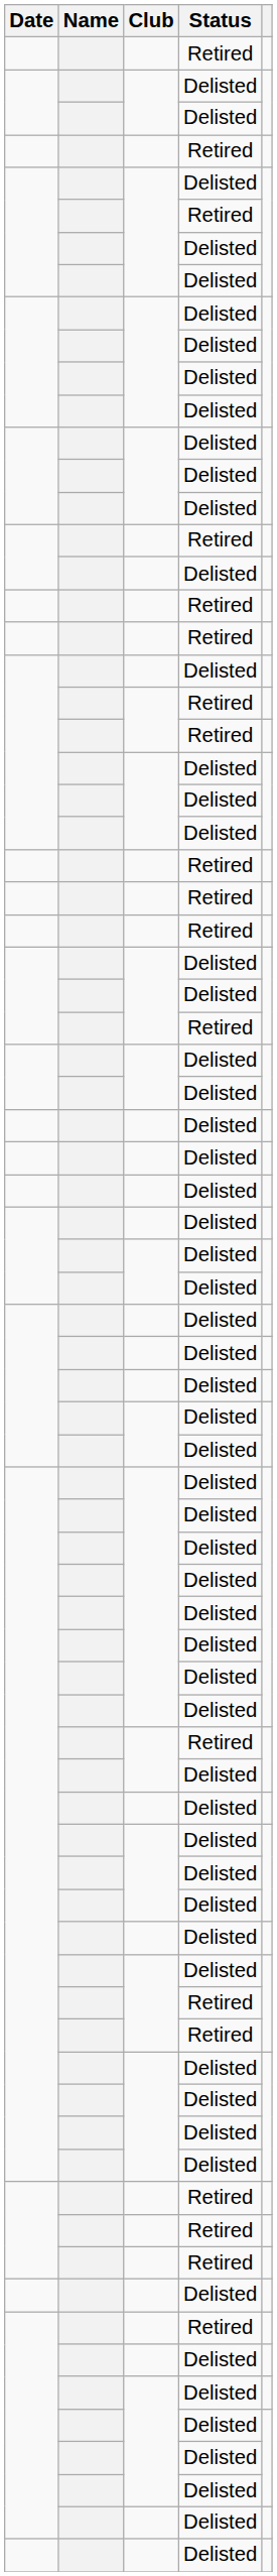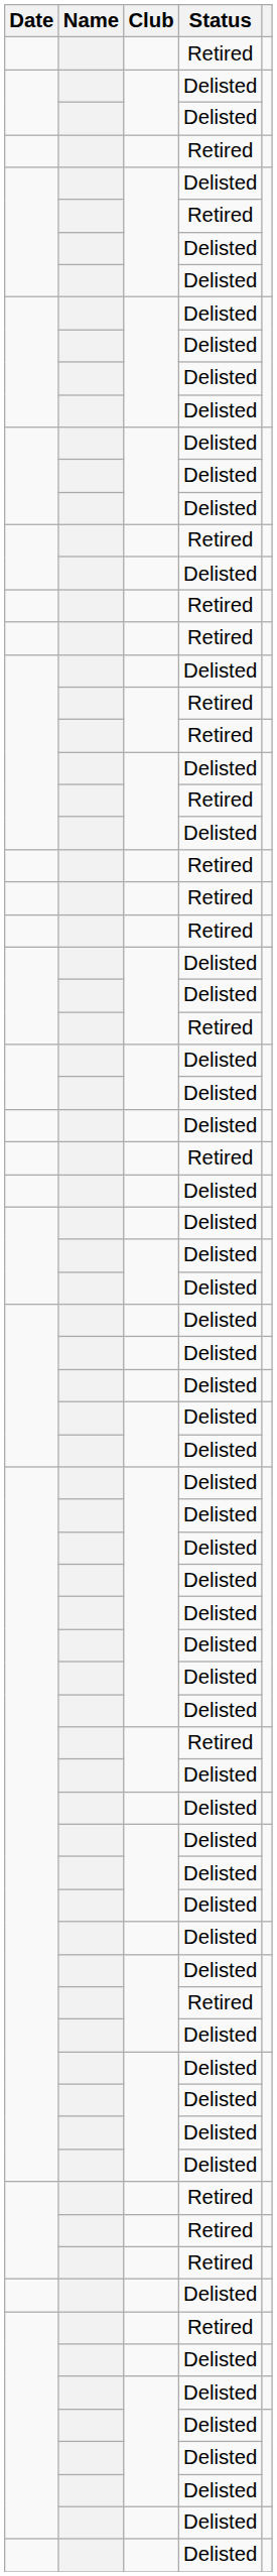 <table class="wikitable sortable plainrowheaders" style="text-align:center;">
 <tr>
 <th scope="col">Date</th>
 <th scope="col">Name</th>
 <th scope="col">Club</th>
 <th scope="col">Status</th>
 <th class="unsortable"></th>
 </tr>
 <tr>
 <td></td>
 <th scope="row"></th>
 <td></td>
 <td>Retired</td>
 <td></td>
 </tr>
 <tr>
 <td rowspan=2></td>
 <th scope="row"></th>
 <td rowspan=2></td>
 <td>Delisted</td>
 <td rowspan=2></td>
 </tr>
 <tr>
 <th scope="row"></th>
 <td>Delisted</td>
 </tr>
 <tr>
 <td></td>
 <th scope="row"></th>
 <td></td>
 <td>Retired</td>
 <td></td>
 </tr>
 <tr>
 <td rowspan=4></td>
 <th scope="row"></th>
 <td rowspan=4></td>
 <td>Delisted</td>
 <td rowspan=4></td>
 </tr>
 <tr>
 <th scope="row"></th>
 <td>Retired</td>
 </tr>
 <tr>
 <th scope="row"></th>
 <td>Delisted</td>
 </tr>
 <tr>
 <th scope="row"></th>
 <td>Delisted</td>
 </tr>
 <tr>
 <td rowspan=4></td>
 <th scope="row"></th>
 <td rowspan=4></td>
 <td>Delisted</td>
 <td rowspan=4></td>
 </tr>
 <tr>
 <th scope="row"></th>
 <td>Delisted</td>
 </tr>
 <tr>
 <th scope="row"></th>
 <td>Delisted</td>
 </tr>
 <tr>
 <th scope="row"></th>
 <td>Delisted</td>
 </tr>
 <tr>
 <td rowspan=3></td>
 <th scope="row"></th>
 <td rowspan=3></td>
 <td>Delisted</td>
 <td rowspan=3></td>
 </tr>
 <tr>
 <th scope="row"></th>
 <td>Delisted</td>
 </tr>
 <tr>
 <th scope="row"></th>
 <td>Delisted</td>
 </tr>
 <tr>
 <td rowspan=2></td>
 <th scope="row"></th>
 <td></td>
 <td>Retired</td>
 <td></td>
 </tr>
 <tr>
 <th scope="row"></th>
 <td></td>
 <td>Delisted</td>
 <td></td>
 </tr>
 <tr>
 <td></td>
 <th scope="row"></th>
 <td></td>
 <td>Retired</td>
 <td></td>
 </tr>
 <tr>
 <td></td>
 <th scope="row"></th>
 <td></td>
 <td>Retired</td>
 <td></td>
 </tr>
 <tr>
 <td rowspan=6></td>
 <th scope="row"></th>
 <td></td>
 <td>Delisted</td>
 <td></td>
 </tr>
 <tr>
 <th scope="row"></th>
 <td rowspan=2></td>
 <td>Retired</td>
 <td></td>
 </tr>
 <tr>
 <th scope="row"></th>
 <td>Retired</td>
 <td></td>
 </tr>
 <tr>
 <th scope="row"></th>
 <td rowspan=3></td>
 <td>Delisted</td>
 <td rowspan=3></td>
 </tr>
 <tr>
 <th scope="row"></th>
-<td>Delisted</td>
+<td>Retired</td>
 </tr>
 <tr>
 <th scope="row"></th>
 <td>Delisted</td>
 </tr>
 <tr>
 <td></td>
 <th scope="row"></th>
 <td></td>
 <td>Retired</td>
 <td></td>
 </tr>
 <tr>
 <td></td>
 <th scope="row"></th>
 <td></td>
 <td>Retired</td>
 <td></td>
 </tr>
 <tr>
 <td></td>
 <th scope="row"></th>
 <td></td>
 <td>Retired</td>
 <td></td>
 </tr>
 <tr>
 <td rowspan=3></td>
 <th scope="row"></th>
 <td rowspan=3></td>
 <td>Delisted</td>
 <td rowspan=3></td>
 </tr>
 <tr>
 <th scope="row"></th>
 <td>Delisted</td>
 </tr>
 <tr>
 <th scope="row"></th>
 <td>Retired</td>
 </tr>
 <tr>
 <td rowspan=2></td>
 <th scope="row"></th>
 <td rowspan=2></td>
 <td>Delisted</td>
 <td rowspan=2></td>
 </tr>
 <tr>
 <th scope="row"></th>
 <td>Delisted</td>
 </tr>
 <tr>
 <td></td>
 <th scope="row"></th>
 <td></td>
 <td>Delisted</td>
 <td></td>
 </tr>
 <tr>
 <td></td>
 <th scope="row"></th>
 <td></td>
-<td>Delisted</td>
+<td>Retired</td>
 <td></td>
 </tr>
 <tr>
 <td></td>
 <th scope="row"></th>
 <td></td>
 <td>Delisted</td>
 <td></td>
 </tr>
 <tr>
 <td rowspan=3></td>
 <th scope="row"></th>
 <td></td>
 <td>Delisted</td>
 <td></td>
 </tr>
 <tr>
 <th scope="row"></th>
 <td rowspan=2></td>
 <td>Delisted</td>
 <td rowspan=2></td>
 </tr>
 <tr>
 <th scope="row"></th>
 <td>Delisted</td>
 </tr>
 <tr>
 <td rowspan=5></td>
 <th scope="row"></th>
 <td></td>
 <td>Delisted</td>
 <td></td>
 </tr>
 <tr>
 <th scope="row"></th>
 <td></td>
 <td>Delisted</td>
 <td></td>
 </tr>
 <tr>
 <th scope="row"></th>
 <td></td>
 <td>Delisted</td>
 <td></td>
 </tr>
 <tr>
 <th scope="row"></th>
 <td rowspan=2></td>
 <td>Delisted</td>
 <td rowspan=2></td>
 </tr>
 <tr>
 <th scope="row"></th>
 <td>Delisted</td>
 </tr>
 <tr>
 <td rowspan=22></td>
 <th scope="row"></th>
 <td rowspan=8></td>
 <td>Delisted</td>
 <td rowspan=8></td>
 </tr>
 <tr>
 <th scope="row"></th>
 <td>Delisted</td>
 </tr>
 <tr>
 <th scope="row"></th>
 <td>Delisted</td>
 </tr>
 <tr>
 <th scope="row"></th>
 <td>Delisted</td>
 </tr>
 <tr>
 <th scope="row"></th>
 <td>Delisted</td>
 </tr>
 <tr>
 <th scope="row"></th>
 <td>Delisted</td>
 </tr>
 <tr>
 <th scope="row"></th>
 <td>Delisted</td>
 </tr>
 <tr>
 <th scope="row"></th>
 <td>Delisted</td>
 </tr>
 <tr>
 <th scope="row"></th>
 <td rowspan=2></td>
 <td>Retired</td>
 <td rowspan=2></td>
 </tr>
 <tr>
 <th scope="row"></th>
 <td>Delisted</td>
 </tr>
 <tr>
 <th scope="row"></th>
 <td></td>
 <td>Delisted</td>
 <td></td>
 </tr>
 <tr>
 <th scope="row"></th>
 <td rowspan=3></td>
 <td>Delisted</td>
 <td rowspan=3></td>
 </tr>
 <tr>
 <th scope="row"></th>
 <td>Delisted</td>
 </tr>
 <tr>
 <th scope="row"></th>
 <td>Delisted</td>
 </tr>
 <tr>
 <th scope="row"></th>
 <td></td>
 <td>Delisted</td>
 <td></td>
 </tr>
 <tr>
 <th scope="row"></th>
 <td rowspan=3></td>
 <td>Delisted</td>
 <td rowspan=3></td>
 </tr>
 <tr>
 <th scope="row"></th>
 <td>Retired</td>
 </tr>
 <tr>
 <th scope="row"></th>
-<td>Retired</td>
+<td>Delisted</td>
 </tr>
 <tr>
 <th scope="row"></th>
 <td rowspan=4></td>
 <td>Delisted</td>
 <td rowspan=4></td>
 </tr>
 <tr>
 <th scope="row"></th>
 <td>Delisted</td>
 </tr>
 <tr>
 <th scope="row"></th>
 <td>Delisted</td>
 </tr>
 <tr>
 <th scope="row"></th>
 <td>Delisted</td>
 </tr>
 <tr>
 <td rowspan=3></td>
 <th scope="row"></th>
 <td></td>
 <td>Retired</td>
 <td></td>
 </tr>
 <tr>
 <th scope="row"></th>
 <td></td>
 <td>Retired</td>
 <td></td>
 </tr>
 <tr>
 <th scope="row"></th>
 <td></td>
 <td>Retired</td>
 <td></td>
 </tr>
 <tr>
 <td></td>
 <th scope="row"></th>
 <td></td>
 <td>Delisted</td>
 <td></td>
 </tr>
 <tr>
 <td rowspan=7></td>
 <th scope="row"></th>
 <td></td>
 <td>Retired</td>
 <td></td>
 </tr>
 <tr>
 <th scope="row"></th>
 <td></td>
 <td>Delisted</td>
 <td></td>
 </tr>
 <tr>
 <th scope="row"></th>
 <td rowspan=4></td>
 <td>Delisted</td>
 <td></td>
 </tr>
 <tr>
 <th scope="row"></th>
 <td>Delisted</td>
 <td rowspan=3></td>
 </tr>
 <tr>
 <th scope="row"></th>
 <td>Delisted</td>
 </tr>
 <tr>
 <th scope="row"></th>
 <td>Delisted</td>
 </tr>
 <tr>
 <th scope="row"></th>
 <td></td>
 <td>Delisted</td>
 <td></td>
 </tr>
 <tr>
 <td></td>
 <th scope="row"></th>
 <td></td>
 <td>Delisted</td>
 <td></td>
 </tr>
 </table>
